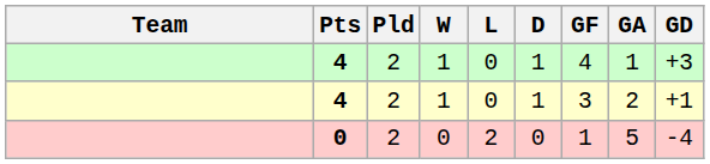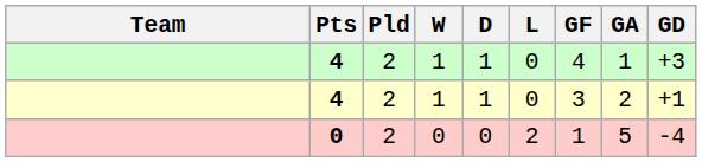 <table class="wikitable" style="text-align: center;">
 <tr>
 <th style="width:165px;">Team</th>
 <th width="20">Pts</th>
 <th width="20">Pld</th>
 <th width="20">W</th>
+<th width="20">D</th>
 <th width="20">L</th>
-<th width="20">D</th>
 <th width="20">GF</th>
 <th width="20">GA</th>
 <th width="20">GD</th>
 </tr>
 <tr style="background:#cfc;">
 <td style="text-align:left;"></td>
 <td><strong>4</strong></td>
 <td>2</td>
 <td>1</td>
+<td>1</td>
 <td>0</td>
-<td>1</td>
 <td>4</td>
 <td>1</td>
 <td>+3</td>
 </tr>
 <tr style="background:#ffc;">
 <td style="text-align:left;"></td>
 <td><strong>4</strong></td>
 <td>2</td>
 <td>1</td>
+<td>1</td>
 <td>0</td>
-<td>1</td>
 <td>3</td>
 <td>2</td>
 <td>+1</td>
 </tr>
 <tr style="background:#fcc;">
 <td style="text-align:left;"></td>
 <td><strong>0</strong></td>
 <td>2</td>
 <td>0</td>
+<td>0</td>
 <td>2</td>
-<td>0</td>
 <td>1</td>
 <td>5</td>
 <td>-4</td>
 </tr>
 </table>
